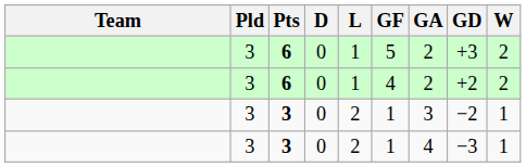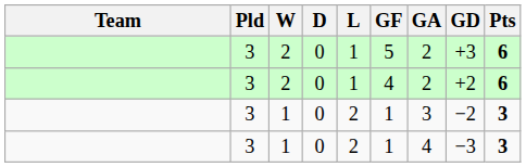 <table class="wikitable" style="text-align:center;">
 <tr>
 <th width=175>Team</th>
 <th width=20 abbr="Played">Pld</th>
-<th width=20 abbr="Points">Pts</th>
+<th width=20 abbr="Won">W</th>
 <th width=20 abbr="Drawn">D</th>
 <th width=20 abbr="Lost">L</th>
 <th width=20 abbr="Goals for">GF</th>
 <th width=20 abbr="Goals against">GA</th>
 <th width=20 abbr="Goal difference">GD</th>
-<th width=20 abbr="Won">W</th>
+<th width=20 abbr="Points">Pts</th>
 </tr>
 <tr bgcolor=ccffcc>
 <td align=left></td>
 <td>3</td>
-<td><strong>6</strong></td>
+<td>2</td>
 <td>0</td>
 <td>1</td>
 <td>5</td>
 <td>2</td>
 <td>+3</td>
-<td>2</td>
+<td><strong>6</strong></td>
 </tr>
 <tr bgcolor=ccffcc>
 <td align=left></td>
 <td>3</td>
-<td><strong>6</strong></td>
+<td>2</td>
 <td>0</td>
 <td>1</td>
 <td>4</td>
 <td>2</td>
 <td>+2</td>
-<td>2</td>
+<td><strong>6</strong></td>
 </tr>
 <tr bgcolor=>
 <td align=left></td>
 <td>3</td>
-<td><strong>3</strong></td>
+<td>1</td>
 <td>0</td>
 <td>2</td>
 <td>1</td>
 <td>3</td>
 <td>−2</td>
-<td>1</td>
+<td><strong>3</strong></td>
 </tr>
 <tr bgcolor=>
 <td align=left></td>
 <td>3</td>
-<td><strong>3</strong></td>
+<td>1</td>
 <td>0</td>
 <td>2</td>
 <td>1</td>
 <td>4</td>
 <td>−3</td>
-<td>1</td>
+<td><strong>3</strong></td>
 </tr>
 </table>
